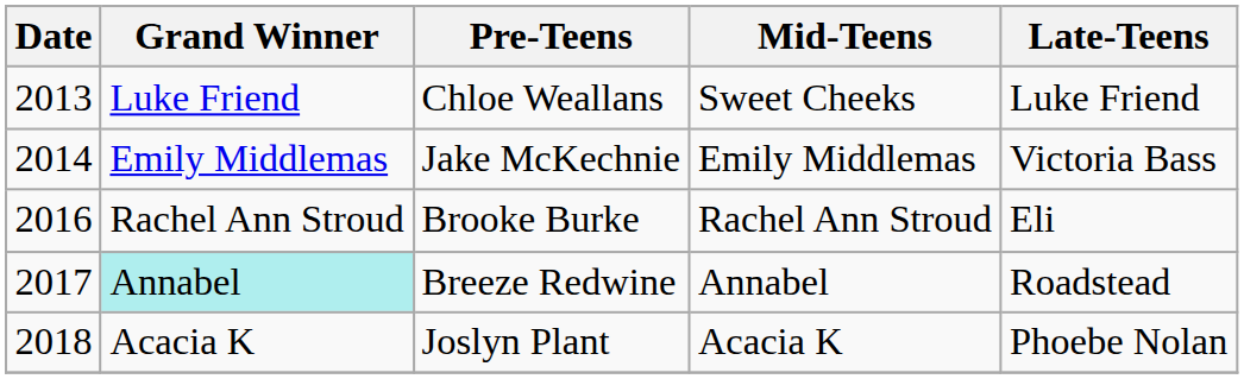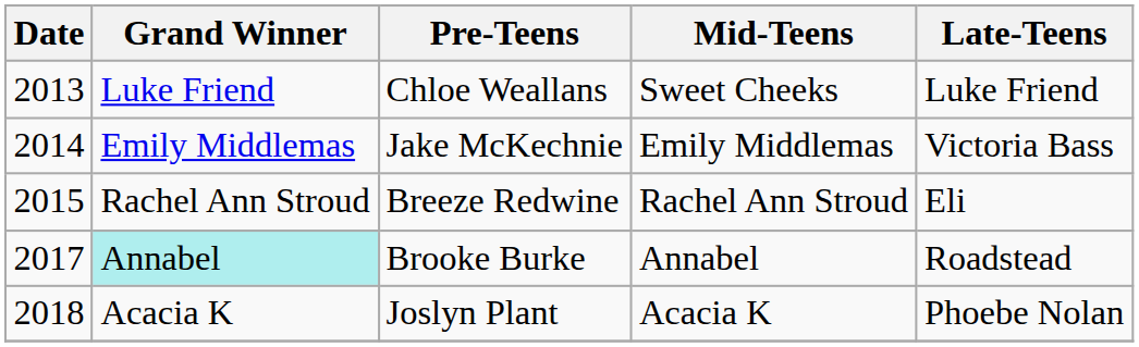 <table class="wikitable">
 <tr>
 <th>Date</th>
 <th>Grand Winner</th>
 <th>Pre-Teens</th>
 <th>Mid-Teens</th>
 <th>Late-Teens</th>
 </tr>
 <tr>
 <td>2013</td>
 <td><a href='#'>Luke Friend</a></td>
 <td>Chloe Weallans</td>
 <td>Sweet Cheeks</td>
 <td>Luke Friend</td>
 </tr>
 <tr>
 <td>2014</td>
 <td><a href='#'>Emily Middlemas</a></td>
 <td>Jake  McKechnie </td>
 <td>Emily Middlemas</td>
 <td>Victoria Bass</td>
 </tr>
 <tr>
-<td>2016</td>
+<td>2015</td>
 <td>Rachel Ann Stroud</td>
-<td>Brooke Burke</td>
+<td>Breeze Redwine</td>
 <td>Rachel Ann Stroud</td>
 <td>Eli</td>
 </tr>
 <tr>
 <td>2017</td>
 <td style="background: paleturquoise;">Annabel</td>
-<td>Breeze Redwine</td>
+<td>Brooke Burke</td>
 <td>Annabel</td>
 <td>Roadstead</td>
 </tr>
 <tr>
 <td>2018</td>
 <td>Acacia K</td>
 <td>Joslyn Plant</td>
 <td>Acacia K</td>
 <td>Phoebe Nolan</td>
 </tr>
 <tr>
 </tr>
 </table>
